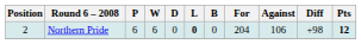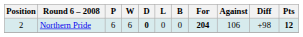 <table class="wikitable" style="text-align:center; font-size:85%;">
 <tr>
 <th width=40 abbr="Position">Position</th>
 <th width=100>Round 6 – 2008</th>
 <th width=20 abbr="Played">P</th>
 <th width=20 abbr="Won">W</th>
 <th width=20 abbr="Drawn">D</th>
 <th width=20 abbr="Lost">L</th>
 <th width=20 abbr="Bye">B</th>
 <th width=40 abbr="Points for">For</th>
 <th width=40 abbr="Points against">Against</th>
 <th width=40 abbr="Points difference">Diff</th>
 <th width=25 abbr="Points">Pts</th>
 </tr>
 <tr style="background: #d7ebed;">
 <td>2</td>
 <td style="text-align:left;"> <a href='#'>Northern Pride</a></td>
 <td>6</td>
 <td>6</td>
-<td>0</td>
 <td><strong>0</strong></td>
 <td>0</td>
-<td>204</td>
+<td>0</td>
+<td><strong>204</strong></td>
 <td>106</td>
 <td>+98</td>
 <td><strong>12</strong></td>
 </tr>
 <tr>
 </tr>
 </table>
